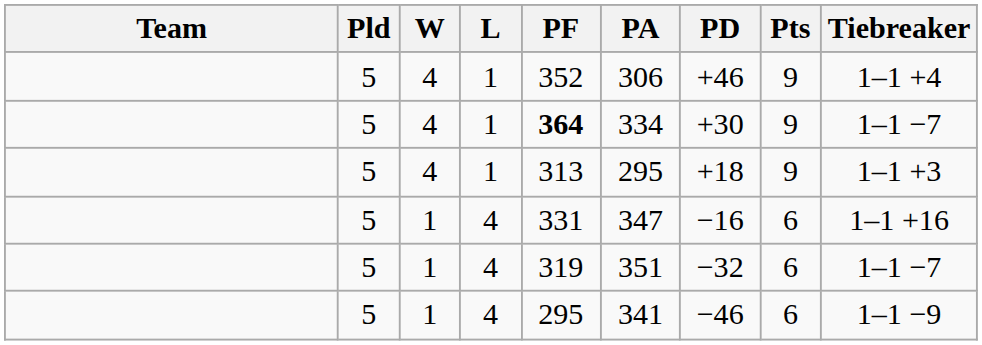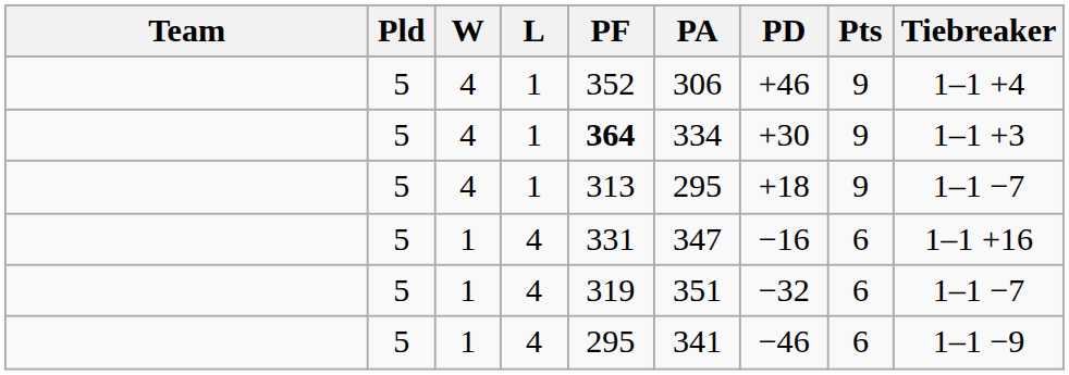 <table class="wikitable" style="text-align:center;">
 <tr>
 <th width=170>Team</th>
 <th width=25>Pld</th>
 <th width=25>W</th>
 <th width=25>L</th>
 <th width=35>PF</th>
 <th width=35>PA</th>
 <th width=35>PD</th>
 <th width=25>Pts</th>
 <th width=50>Tiebreaker</th>
 </tr>
 <tr style="background:ccffcc">
 <td style="text-align:left"></td>
 <td>5</td>
 <td>4</td>
 <td>1</td>
 <td>352</td>
 <td>306</td>
 <td>+46</td>
 <td>9</td>
 <td>1–1 +4</td>
 </tr>
 <tr style="background:ccffcc">
 <td style="text-align:left"></td>
 <td>5</td>
 <td>4</td>
 <td>1</td>
 <td><strong>364</strong></td>
 <td>334</td>
 <td>+30</td>
 <td>9</td>
-<td>1–1 −7</td>
+<td>1–1 +3</td>
 </tr>
 <tr style="background:ccffcc">
 <td style="text-align:left"></td>
 <td>5</td>
 <td>4</td>
 <td>1</td>
 <td>313</td>
 <td>295</td>
 <td>+18</td>
 <td>9</td>
-<td>1–1 +3</td>
+<td>1–1 −7</td>
 </tr>
 <tr style="background:ccffcc">
 <td style="text-align:left"></td>
 <td>5</td>
 <td>1</td>
 <td>4</td>
 <td>331</td>
 <td>347</td>
 <td>−16</td>
 <td>6</td>
 <td>1–1 +16</td>
 </tr>
 <tr style="background:ffcccc">
 <td style="text-align:left"></td>
 <td>5</td>
 <td>1</td>
 <td>4</td>
 <td>319</td>
 <td>351</td>
 <td>−32</td>
 <td>6</td>
 <td>1–1 −7</td>
 </tr>
 <tr style="background:ffcccc">
 <td style="text-align:left"></td>
 <td>5</td>
 <td>1</td>
 <td>4</td>
 <td>295</td>
 <td>341</td>
 <td>−46</td>
 <td>6</td>
 <td>1–1 −9</td>
 </tr>
 </table>
